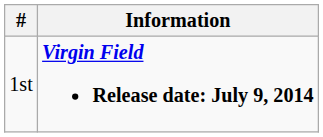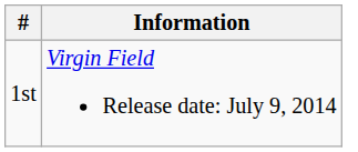 <table class="wikitable">
 <tr>
 <th>#</th>
 <th>Information</th>
 </tr>
 <tr>
 <td align="center">1st</td>
-<td align="left"><strong><em><a href='#'>Virgin Field</a></em><br><ul><li>Release date: July 9, 2014</li></ul></strong></td>
+<td align="left"><em><a href='#'>Virgin Field</a></em><br><ul><li>Release date: July 9, 2014</li></ul></td>
 </tr>
 </table>
